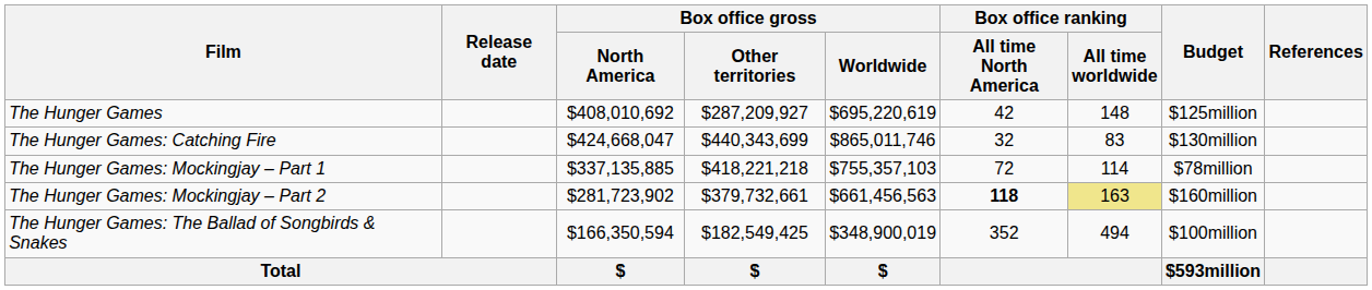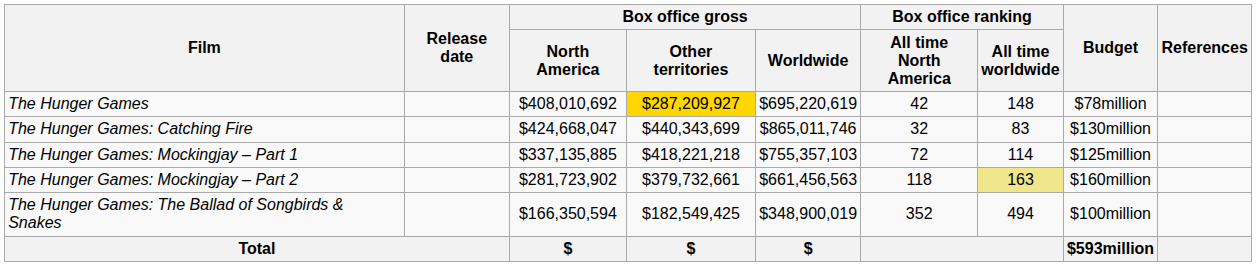 <table class="wikitable plainrowheaders" style="text-align:center">
 <tr>
 <th rowspan="2">Film</th>
 <th rowspan="2">Release date</th>
 <th colspan="3">Box office gross</th>
 <th colspan="2">Box office ranking</th>
 <th rowspan="2">Budget</th>
 <th rowspan="2">References</th>
 </tr>
 <tr>
 <th>North America</th>
 <th>Other territories</th>
 <th>Worldwide</th>
 <th>All time<br>North America</th>
 <th>All time<br>worldwide</th>
 </tr>
 <tr>
 <td style="text-align:left"><em>The Hunger Games</em></td>
 <td></td>
 <td>$408,010,692</td>
-<td>$287,209,927</td>
+<td style="background: gold;">$287,209,927</td>
 <td>$695,220,619</td>
 <td>42</td>
 <td>148</td>
-<td>$125million</td>
+<td>$78million</td>
 <td></td>
 </tr>
 <tr>
 <td style="text-align:left"><em>The Hunger Games: Catching Fire</em></td>
 <td></td>
 <td>$424,668,047</td>
 <td>$440,343,699</td>
 <td>$865,011,746</td>
 <td>32</td>
 <td>83</td>
 <td>$130million</td>
 <td></td>
 </tr>
 <tr>
 <td style="text-align:left"><em>The Hunger Games: Mockingjay – Part 1</em></td>
 <td></td>
 <td>$337,135,885</td>
 <td>$418,221,218</td>
 <td>$755,357,103</td>
 <td>72</td>
 <td>114</td>
-<td>$78million</td>
+<td>$125million</td>
 <td></td>
 </tr>
 <tr>
 <td style="text-align:left"><em>The Hunger Games: Mockingjay – Part 2</em></td>
 <td></td>
 <td>$281,723,902</td>
 <td>$379,732,661</td>
 <td>$661,456,563</td>
-<td><strong>118</strong></td>
+<td>118</td>
 <td style="background: khaki;">163</td>
 <td>$160million</td>
 <td></td>
 </tr>
 <tr>
 <td style="text-align:left"><em>The Hunger Games: The Ballad of Songbirds & Snakes</em></td>
 <td></td>
 <td>$166,350,594</td>
 <td>$182,549,425</td>
 <td>$348,900,019</td>
 <td>352</td>
 <td>494</td>
 <td>$100million</td>
 <td></td>
 </tr>
 <tr>
 <th colspan="2">Total</th>
 <th>$</th>
 <th>$</th>
 <th>$</th>
 <th colspan="2"></th>
 <th>$593million</th>
 <th></th>
 </tr>
 </table>
